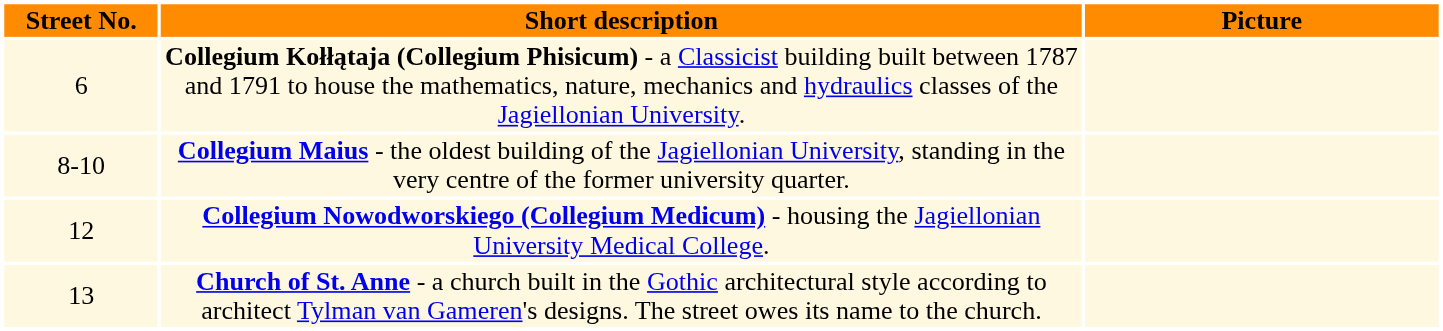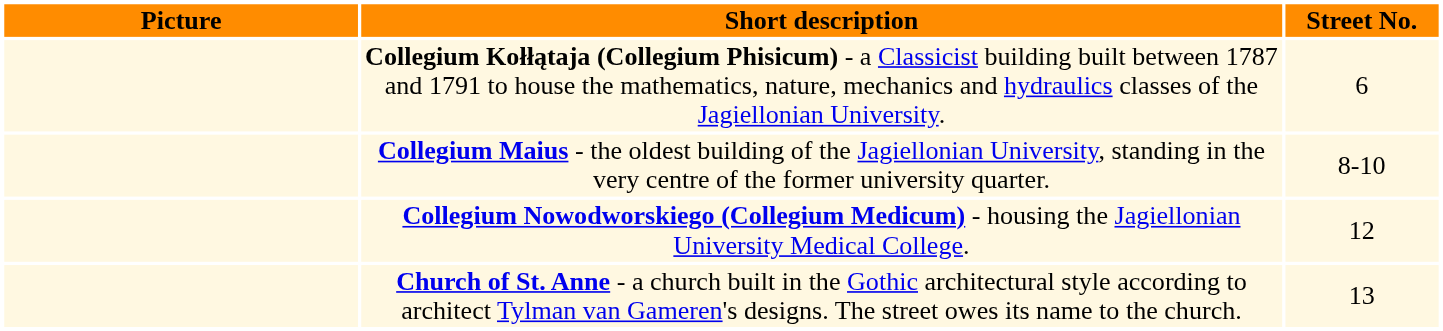 <table>
 <tr ---- bgcolor="#FF 8C 00">
+<th width=10%>Picture</th>
+<th width=26%>Short description</th>
 <th width=4%>Street No.</th>
-<th width=26%>Short description</th>
-<th width=10%>Picture</th>
 </tr>
 <tr ---- bgcolor="#FFF8E1">
+<td align="center"></td>
+<td align="center"><strong>Collegium Kołłątaja (Collegium Phisicum)</strong> - a <a href='#'>Classicist</a> building built between 1787 and 1791 to house the mathematics, nature, mechanics and <a href='#'>hydraulics</a> classes of the <a href='#'>Jagiellonian University</a>.</td>
 <td align="center">6</td>
-<td align="center"><strong>Collegium Kołłątaja (Collegium Phisicum)</strong> - a <a href='#'>Classicist</a> building built between 1787 and 1791 to house the mathematics, nature, mechanics and <a href='#'>hydraulics</a> classes of the <a href='#'>Jagiellonian University</a>.</td>
-<td align="center"></td>
 </tr>
 <tr ---- bgcolor="#FFF8E1">
+<td align="center"></td>
+<td align="center"><strong><a href='#'>Collegium Maius</a></strong> - the oldest building of the <a href='#'>Jagiellonian University</a>, standing in the very centre of the former university quarter.</td>
 <td align="center">8-10</td>
-<td align="center"><strong><a href='#'>Collegium Maius</a></strong> - the oldest building of the <a href='#'>Jagiellonian University</a>, standing in the very centre of the former university quarter.</td>
-<td align="center"></td>
 </tr>
 <tr ---- bgcolor="#FFF8E1">
+<td align="center"></td>
+<td align="center"><strong><a href='#'>Collegium Nowodworskiego (Collegium Medicum)</a></strong> - housing the <a href='#'>Jagiellonian University Medical College</a>.</td>
 <td align="center">12</td>
-<td align="center"><strong><a href='#'>Collegium Nowodworskiego (Collegium Medicum)</a></strong> - housing the <a href='#'>Jagiellonian University Medical College</a>.</td>
-<td align="center"></td>
 </tr>
 <tr ---- bgcolor="#FFF8E1">
+<td align="center"></td>
+<td align="center"><strong><a href='#'>Church of St. Anne</a></strong> - a church built in the <a href='#'>Gothic</a> architectural style according to architect <a href='#'>Tylman van Gameren</a>'s designs. The street owes its name to the church.</td>
 <td align="center">13</td>
-<td align="center"><strong><a href='#'>Church of St. Anne</a></strong> - a church built in the <a href='#'>Gothic</a> architectural style according to architect <a href='#'>Tylman van Gameren</a>'s designs. The street owes its name to the church.</td>
-<td align="center"></td>
 </tr>
 </table>
